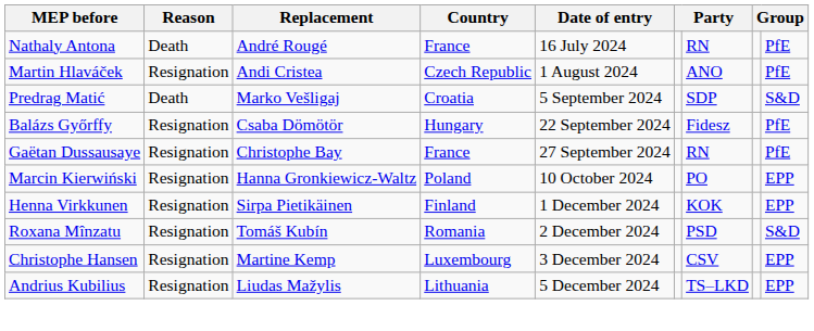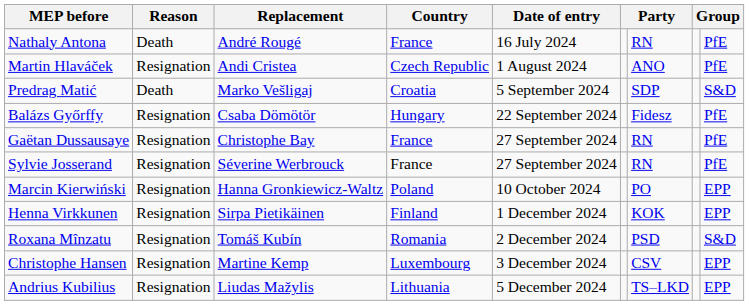 <table class="wikitable sortable">
 <tr>
 <th>MEP before</th>
 <th>Reason</th>
 <th>Replacement</th>
 <th>Country</th>
 <th>Date of entry</th>
 <th colspan="2">Party</th>
 <th colspan="2">Group</th>
 </tr>
 <tr>
 <td><a href='#'>Nathaly Antona</a></td>
 <td>Death</td>
 <td><a href='#'>André Rougé</a></td>
 <td><a href='#'>France</a></td>
 <td>16 July 2024</td>
 <td style="background: "></td>
 <td><a href='#'>RN</a></td>
 <td style="background: "></td>
 <td><a href='#'>PfE</a></td>
 </tr>
 <tr>
 <td><a href='#'>Martin Hlaváček</a></td>
 <td>Resignation</td>
 <td><a href='#'>Andi Cristea</a></td>
 <td><a href='#'>Czech Republic</a></td>
 <td>1 August 2024</td>
 <td style="background: "></td>
 <td><a href='#'>ANO</a></td>
 <td style="background: "></td>
 <td><a href='#'>PfE</a></td>
 </tr>
 <tr>
 <td><a href='#'>Predrag Matić</a></td>
 <td>Death</td>
 <td><a href='#'>Marko Vešligaj</a></td>
 <td><a href='#'>Croatia</a></td>
 <td>5 September 2024</td>
 <td style="background: "></td>
 <td><a href='#'>SDP</a></td>
 <td style="background: "></td>
 <td><a href='#'>S&D</a></td>
 </tr>
 <tr>
 <td><a href='#'>Balázs Győrffy</a></td>
 <td>Resignation</td>
 <td><a href='#'>Csaba Dömötör</a></td>
 <td><a href='#'>Hungary</a></td>
 <td>22 September 2024</td>
 <td style="background: "></td>
 <td><a href='#'>Fidesz</a></td>
 <td style="background: "></td>
 <td><a href='#'>PfE</a></td>
 </tr>
 <tr>
 <td><a href='#'>Gaëtan Dussausaye</a></td>
 <td>Resignation</td>
 <td><a href='#'>Christophe Bay</a></td>
 <td><a href='#'>France</a></td>
 <td>27 September 2024</td>
 <td style="background: "></td>
 <td><a href='#'>RN</a></td>
 <td style="background: "></td>
 <td><a href='#'>PfE</a></td>
 </tr>
 <tr>
+<td><a href='#'>Sylvie Josserand</a></td>
+<td>Resignation</td>
+<td><a href='#'>Séverine Werbrouck</a></td>
+<td>France</td>
+<td>27 September 2024</td>
+<td style="background: "></td>
+<td><a href='#'>RN</a></td>
+<td style="background: "></td>
+<td><a href='#'>PfE</a></td>
+</tr>
+<tr>
 <td><a href='#'>Marcin Kierwiński</a></td>
 <td>Resignation</td>
 <td><a href='#'>Hanna Gronkiewicz-Waltz</a></td>
 <td><a href='#'>Poland</a></td>
 <td>10 October 2024</td>
 <td style="background: "></td>
 <td><a href='#'>PO</a></td>
 <td style="background: "></td>
 <td><a href='#'>EPP</a></td>
 </tr>
 <tr>
 <td><a href='#'>Henna Virkkunen</a></td>
 <td>Resignation</td>
 <td><a href='#'>Sirpa Pietikäinen</a></td>
 <td><a href='#'>Finland</a></td>
 <td>1 December 2024</td>
 <td style="background: "></td>
 <td><a href='#'>KOK</a></td>
 <td style="background: "></td>
 <td><a href='#'>EPP</a></td>
 </tr>
 <tr>
 <td><a href='#'>Roxana Mînzatu</a></td>
 <td>Resignation</td>
 <td><a href='#'>Tomáš Kubín</a></td>
 <td><a href='#'>Romania</a></td>
 <td>2 December 2024</td>
 <td style="background: "></td>
 <td><a href='#'>PSD</a></td>
 <td style="background: "></td>
 <td><a href='#'>S&D</a></td>
 </tr>
 <tr>
 <td><a href='#'>Christophe Hansen</a></td>
 <td>Resignation</td>
 <td><a href='#'>Martine Kemp</a></td>
 <td><a href='#'>Luxembourg</a></td>
 <td>3 December 2024</td>
 <td style="background: "></td>
 <td><a href='#'>CSV</a></td>
 <td style="background: "></td>
 <td><a href='#'>EPP</a></td>
 </tr>
 <tr>
 <td><a href='#'>Andrius Kubilius</a></td>
 <td>Resignation</td>
 <td><a href='#'>Liudas Mažylis</a></td>
 <td><a href='#'>Lithuania</a></td>
 <td>5 December 2024</td>
 <td style="background: "></td>
 <td><a href='#'>TS–LKD</a></td>
 <td style="background: "></td>
 <td><a href='#'>EPP</a></td>
 </tr>
 </table>
